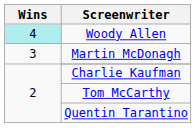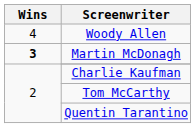 <table class="wikitable" style="text-align: center;">
 <tr>
 <th scope="col" width="55">Wins</th>
 <th scope="col" align="center">Screenwriter</th>
 </tr>
 <tr>
-<td rowspan=1 style="background: paleturquoise; text-align:center;">4</td>
+<td rowspan=1 style="text-align:center;">4</td>
 <td><a href='#'>Woody Allen</a></td>
 </tr>
 <tr>
-<td rowspan=1 style="text-align:center;">3</td>
+<td rowspan=1 style="text-align:center;"><strong>3</strong></td>
 <td><a href='#'>Martin McDonagh</a></td>
 </tr>
 <tr>
 <td rowspan=4 style="text-align:center;">2</td>
 </tr>
 <tr>
 <td><a href='#'>Charlie Kaufman</a></td>
 </tr>
 <tr>
 <td><a href='#'>Tom McCarthy</a></td>
 </tr>
 <tr>
 <td><a href='#'>Quentin Tarantino</a></td>
 </tr>
 </table>
